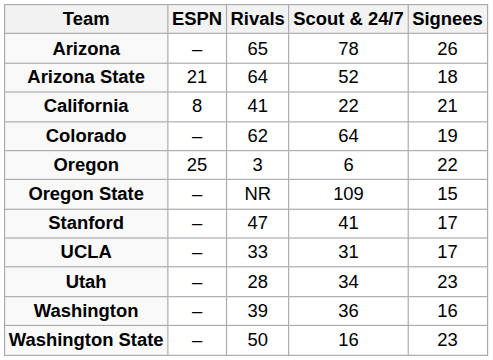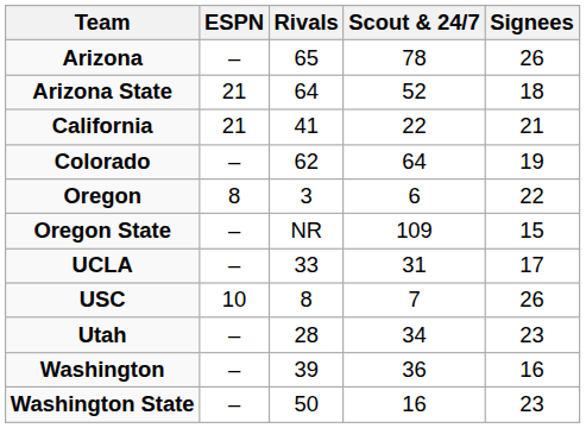 <table class="wikitable">
 <tr>
 <th>Team</th>
 <th>ESPN</th>
 <th>Rivals</th>
 <th>Scout & 24/7</th>
 <th>Signees</th>
 </tr>
 <tr style="text-align:center;">
 <td><strong>Arizona</strong></td>
 <td style="text-align:center; background:white">–</td>
 <td style="text-align:center; background:white">65</td>
 <td style="text-align:center; background:white">78</td>
 <td style="text-align:center; background:white">26</td>
 </tr>
 <tr style="text-align:center;">
 <td><strong>Arizona State</strong></td>
 <td style="text-align:center; background:white">21</td>
 <td style="text-align:center; background:white">64</td>
 <td style="text-align:center; background:white">52</td>
 <td style="text-align:center; background:white">18</td>
 </tr>
 <tr style="text-align:center;">
 <td><strong>California</strong></td>
-<td style="text-align:center; background:white">8</td>
+<td style="text-align:center; background:white">21</td>
 <td style="text-align:center; background:white">41</td>
 <td style="text-align:center; background:white">22</td>
 <td style="text-align:center; background:white">21</td>
 </tr>
 <tr style="text-align:center;">
 <td><strong>Colorado</strong></td>
 <td style="text-align:center; background:white">–</td>
 <td style="text-align:center; background:white">62</td>
 <td style="text-align:center; background:white">64</td>
 <td style="text-align:center; background:white">19</td>
 </tr>
 <tr style="text-align:center;">
 <td><strong>Oregon</strong></td>
-<td style="text-align:center; background:white">25</td>
+<td style="text-align:center; background:white">8</td>
 <td style="text-align:center; background:white">3</td>
 <td style="text-align:center; background:white">6</td>
 <td style="text-align:center; background:white">22</td>
 </tr>
 <tr style="text-align:center;">
 <td><strong>Oregon State</strong></td>
 <td style="text-align:center; background:white">–</td>
 <td style="text-align:center; background:white">NR</td>
 <td style="text-align:center; background:white">109</td>
 <td style="text-align:center; background:white">15</td>
 </tr>
 <tr style="text-align:center;">
-<td><strong>Stanford</strong></td>
-<td style="text-align:center; background:white">–</td>
-<td style="text-align:center; background:white">47</td>
-<td style="text-align:center; background:white">41</td>
-<td style="text-align:center; background:white">17</td>
-</tr>
-<tr style="text-align:center;">
 <td><strong>UCLA</strong></td>
 <td style="text-align:center; background:white">–</td>
 <td style="text-align:center; background:white">33</td>
 <td style="text-align:center; background:white">31</td>
 <td style="text-align:center; background:white">17</td>
+</tr>
+<tr style="text-align:center;">
+<td><strong>USC</strong></td>
+<td style="text-align:center; background:white">10</td>
+<td style="text-align:center; background:white">8</td>
+<td style="text-align:center; background:white">7</td>
+<td style="text-align:center; background:white">26</td>
 </tr>
 <tr style="text-align:center;">
 <td><strong>Utah</strong></td>
 <td style="text-align:center; background:white">–</td>
 <td style="text-align:center; background:white">28</td>
 <td style="text-align:center; background:white">34</td>
 <td style="text-align:center; background:white">23</td>
 </tr>
 <tr style="text-align:center;">
 <td><strong>Washington</strong></td>
 <td style="text-align:center; background:white">–</td>
 <td style="text-align:center; background:white">39</td>
 <td style="text-align:center; background:white">36</td>
 <td style="text-align:center; background:white">16</td>
 </tr>
 <tr style="text-align:center;">
 <td><strong>Washington State</strong></td>
 <td style="text-align:center; background:white">–</td>
 <td style="text-align:center; background:white">50</td>
 <td style="text-align:center; background:white">16</td>
 <td style="text-align:center; background:white">23</td>
 </tr>
 </table>
